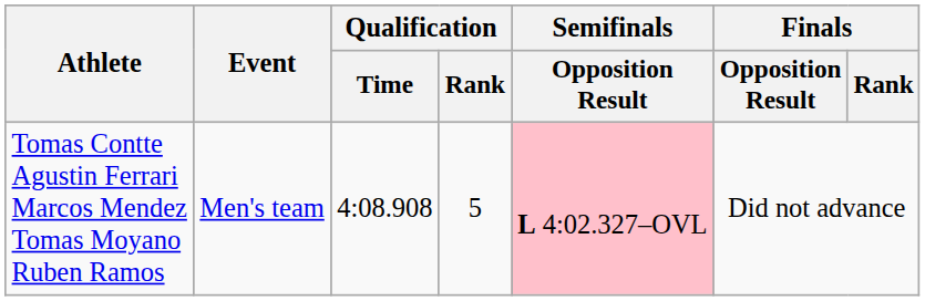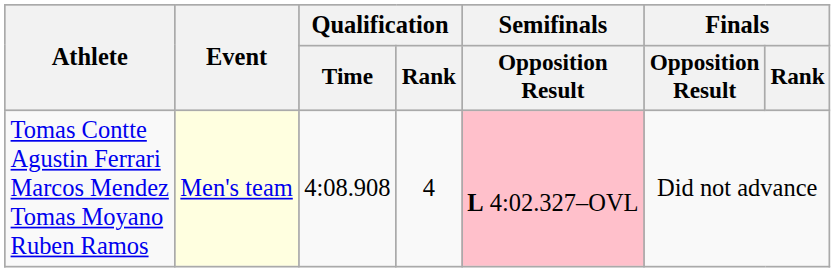 <table class=wikitable style="font-size:90%;">
 <tr>
 <th rowspan=2>Athlete</th>
 <th rowspan=2>Event</th>
 <th colspan=2>Qualification</th>
 <th>Semifinals</th>
 <th colspan=2>Finals</th>
 </tr>
 <tr style="font-size:95%">
 <th>Time</th>
 <th>Rank</th>
 <th>Opposition<br>Result</th>
 <th>Opposition<br>Result</th>
 <th>Rank</th>
 </tr>
 <tr align=center>
 <td align=left><a href='#'>Tomas Contte</a><br><a href='#'>Agustin Ferrari</a><br><a href='#'>Marcos Mendez</a><br><a href='#'>Tomas Moyano</a><br><a href='#'>Ruben Ramos</a></td>
-<td align=left><a href='#'>Men's team</a></td>
+<td align=left style="background: lightyellow;"><a href='#'>Men's team</a></td>
 <td>4:08.908</td>
-<td>5</td>
+<td>4</td>
 <td style="background: pink;"><br><strong>L</strong> 4:02.327–OVL</td>
 <td colspan=2>Did not advance</td>
 </tr>
 </table>
